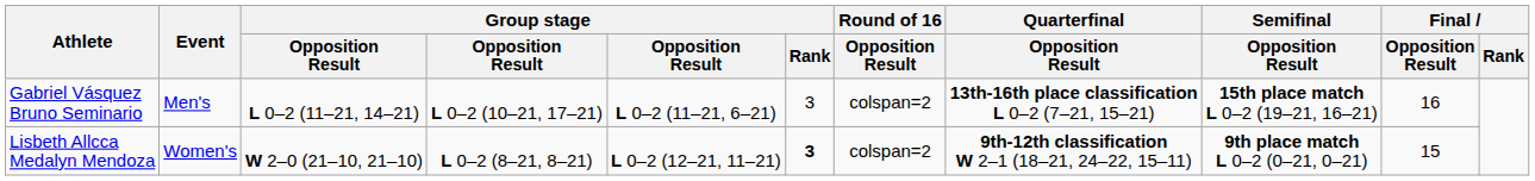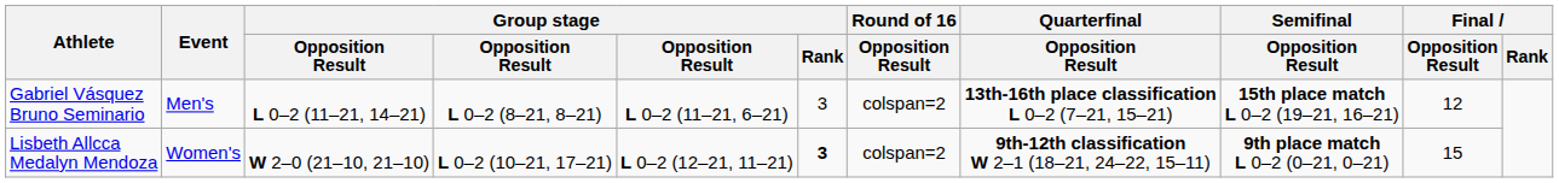 <table class="wikitable" style="font-size:90%;text-align:center">
 <tr>
 <th rowspan=2>Athlete</th>
 <th rowspan=2>Event</th>
 <th colspan=4>Group stage</th>
 <th>Round of 16</th>
 <th>Quarterfinal</th>
 <th>Semifinal</th>
 <th colspan=2>Final / </th>
 </tr>
 <tr style=font-size:95%>
 <th>Opposition<br>Result</th>
 <th>Opposition<br>Result</th>
 <th>Opposition<br>Result</th>
 <th>Rank</th>
 <th>Opposition<br>Result</th>
 <th>Opposition<br>Result</th>
 <th>Opposition<br>Result</th>
 <th>Opposition<br>Result</th>
 <th>Rank</th>
 </tr>
 <tr>
 <td style="text-align:left"><a href='#'>Gabriel Vásquez</a><br><a href='#'>Bruno Seminario</a></td>
 <td style="text-align:left"><a href='#'>Men's</a></td>
 <td><br><strong>L</strong> 0–2 (11–21, 14–21)</td>
-<td><br><strong>L</strong> 0–2 (10–21, 17–21)</td>
+<td><br><strong>L</strong> 0–2 (8–21, 8–21)</td>
 <td><br><strong>L</strong> 0–2 (11–21, 6–21)</td>
 <td>3</td>
 <td>colspan=2 </td>
 <td><strong>13th-16th place classification</strong><br><strong>L</strong> 0–2 (7–21, 15–21)</td>
 <td><strong>15th place match</strong><br><strong>L</strong> 0–2 (19–21, 16–21)</td>
-<td>16</td>
+<td>12</td>
 </tr>
 <tr>
 <td style="text-align:left"><a href='#'>Lisbeth Allcca</a><br><a href='#'>Medalyn Mendoza</a></td>
 <td style="text-align:left"><a href='#'>Women's</a></td>
 <td><br><strong>W</strong> 2–0 (21–10, 21–10)</td>
-<td><br><strong>L</strong> 0–2 (8–21, 8–21)</td>
+<td><br><strong>L</strong> 0–2 (10–21, 17–21)</td>
 <td><br><strong>L</strong> 0–2 (12–21, 11–21)</td>
 <td><strong>3</strong></td>
 <td>colspan=2 </td>
 <td><strong>9th-12th classification</strong><br><strong>W</strong> 2–1 (18–21, 24–22, 15–11)</td>
 <td><strong>9th place match</strong><br><strong>L</strong> 0–2 (0–21, 0–21)</td>
 <td>15</td>
 </tr>
 </table>
